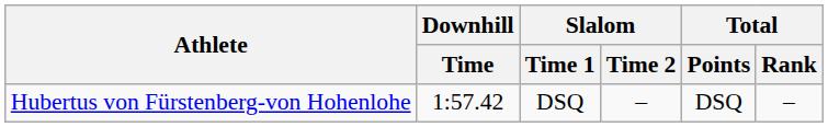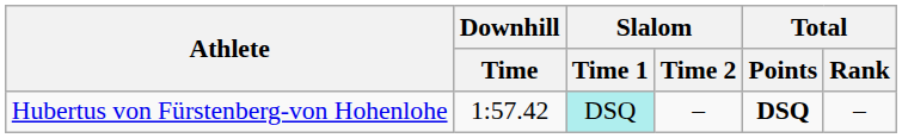 <table class="wikitable" style="font-size:90%">
 <tr>
 <th rowspan="2">Athlete</th>
 <th>Downhill</th>
 <th colspan="2">Slalom</th>
 <th colspan="2">Total</th>
 </tr>
 <tr>
 <th>Time</th>
 <th>Time 1</th>
 <th>Time 2</th>
 <th>Points</th>
 <th>Rank</th>
 </tr>
 <tr>
 <td><a href='#'>Hubertus von Fürstenberg-von Hohenlohe</a></td>
 <td align="center">1:57.42</td>
-<td align="center">DSQ</td>
+<td align="center" style="background: paleturquoise;">DSQ</td>
 <td align="center">–</td>
-<td align="center">DSQ</td>
+<td align="center"><strong>DSQ</strong></td>
 <td align="center">–</td>
 </tr>
 </table>
